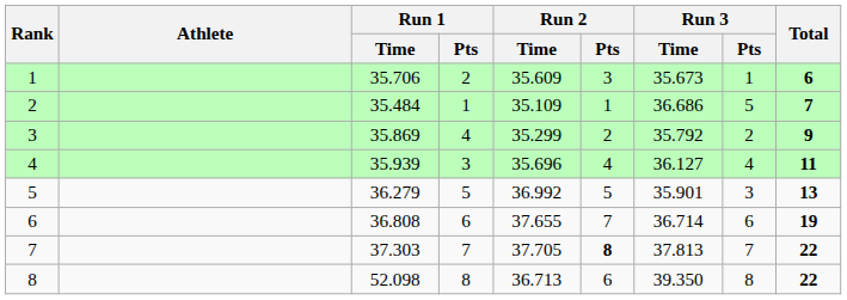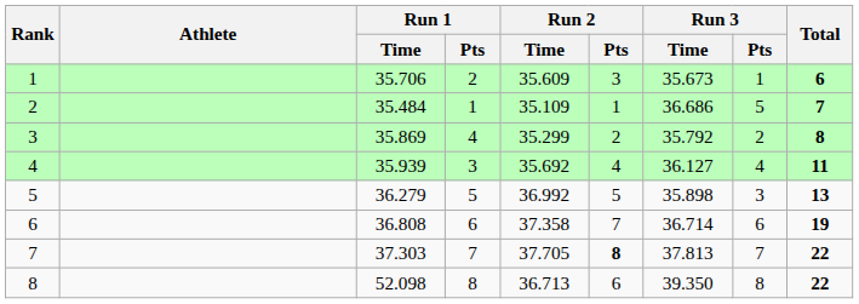 <table class=wikitable style="text-align:center">
 <tr>
 <th rowspan="2" width=40>Rank</th>
 <th rowspan="2" width=250>Athlete</th>
 <th colspan="2">Run 1</th>
 <th colspan="2">Run 2</th>
 <th colspan="2">Run 3</th>
 <th rowspan="2" width=50>Total</th>
 </tr>
 <tr>
 <th width=70>Time</th>
 <th width=40>Pts</th>
 <th width=70>Time</th>
 <th width=40>Pts</th>
 <th width=70>Time</th>
 <th width=40>Pts</th>
 </tr>
 <tr bgcolor=bbffbb>
 <td>1</td>
 <td align=left></td>
 <td>35.706</td>
 <td>2</td>
 <td>35.609</td>
 <td>3</td>
 <td>35.673</td>
 <td>1</td>
 <td><strong>6</strong></td>
 </tr>
 <tr bgcolor=bbffbb>
 <td>2</td>
 <td align=left></td>
 <td>35.484</td>
 <td>1</td>
 <td>35.109</td>
 <td>1</td>
 <td>36.686</td>
 <td>5</td>
 <td><strong>7</strong></td>
 </tr>
 <tr bgcolor=bbffbb>
 <td>3</td>
 <td align=left></td>
 <td>35.869</td>
 <td>4</td>
 <td>35.299</td>
 <td>2</td>
 <td>35.792</td>
 <td>2</td>
-<td><strong>9</strong></td>
+<td><strong>8</strong></td>
 </tr>
 <tr bgcolor=bbffbb>
 <td>4</td>
 <td align=left></td>
 <td>35.939</td>
 <td>3</td>
-<td>35.696</td>
+<td>35.692</td>
 <td>4</td>
 <td>36.127</td>
 <td>4</td>
 <td><strong>11</strong></td>
 </tr>
 <tr>
 <td>5</td>
 <td align=left></td>
 <td>36.279</td>
 <td>5</td>
 <td>36.992</td>
 <td>5</td>
-<td>35.901</td>
+<td>35.898</td>
 <td>3</td>
 <td><strong>13</strong></td>
 </tr>
 <tr>
 <td>6</td>
 <td align=left></td>
 <td>36.808</td>
 <td>6</td>
-<td>37.655</td>
+<td>37.358</td>
 <td>7</td>
 <td>36.714</td>
 <td>6</td>
 <td><strong>19</strong></td>
 </tr>
 <tr>
 <td>7</td>
 <td align=left></td>
 <td>37.303</td>
 <td>7</td>
 <td>37.705</td>
 <td><strong>8</strong></td>
 <td>37.813</td>
 <td>7</td>
 <td><strong>22</strong></td>
 </tr>
 <tr>
 <td>8</td>
 <td align=left></td>
 <td>52.098</td>
 <td>8</td>
 <td>36.713</td>
 <td>6</td>
 <td>39.350</td>
 <td>8</td>
 <td><strong>22</strong></td>
 </tr>
 </table>
